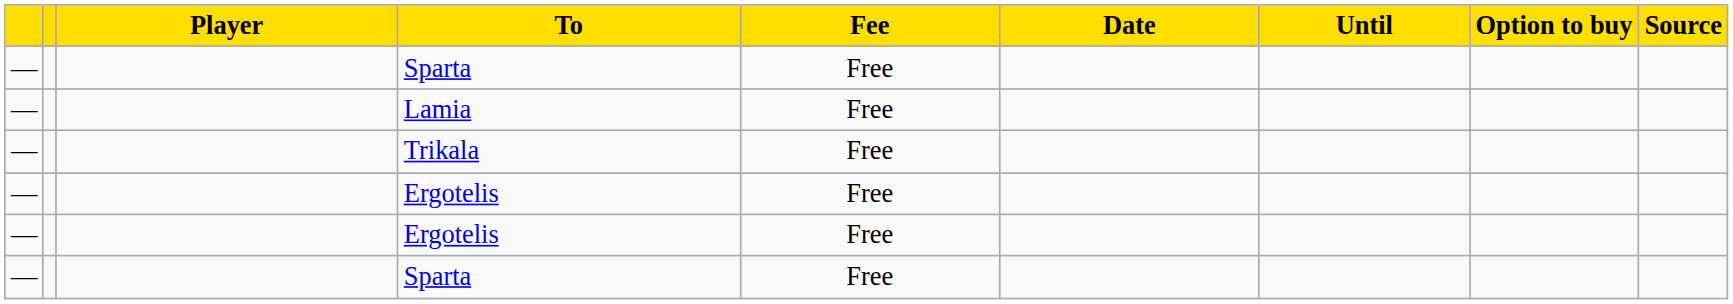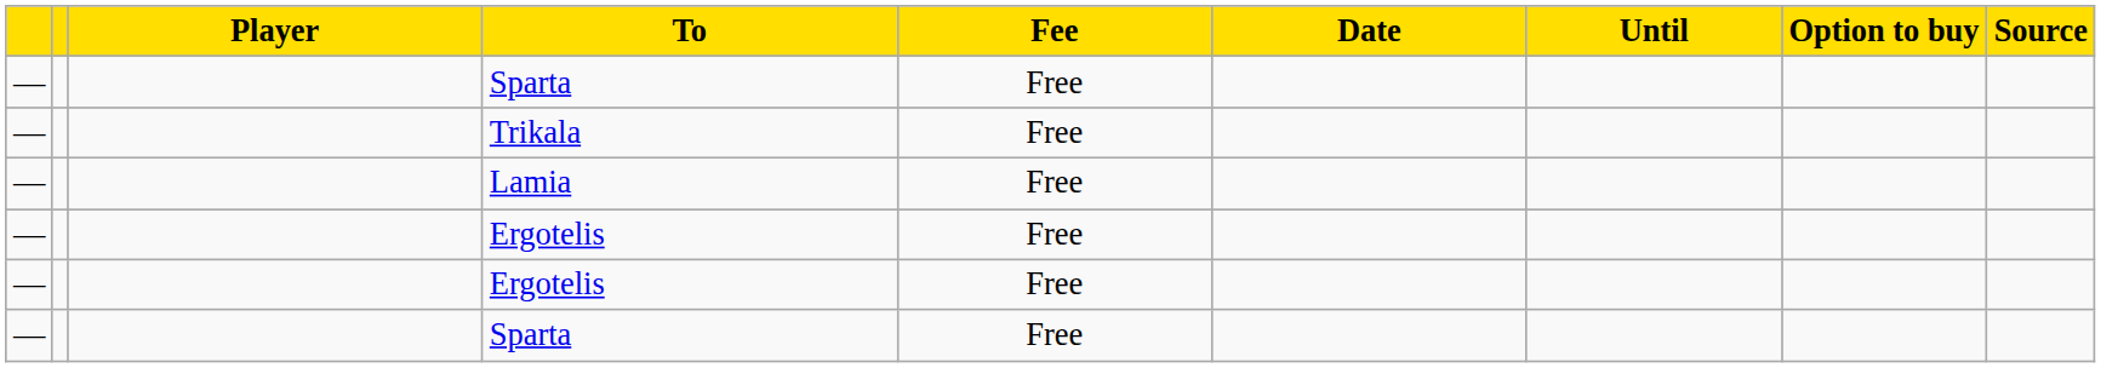 <table class="wikitable sortable">
 <tr>
 <th style="background:#FFDE00"></th>
 <th style="background:#FFDE00"></th>
 <th width=200 style="background:#FFDE00">Player</th>
 <th width=200 style="background:#FFDE00">To</th>
 <th width=150 style="background:#FFDE00">Fee</th>
 <th width=150 style="background:#FFDE00">Date</th>
 <th width=120 style="background:#FFDE00">Until</th>
 <th style="background:#FFDE00">Option to buy</th>
 <th style="background:#FFDE00">Source</th>
 </tr>
 <tr>
 <td align=center>—</td>
 <td align=center></td>
 <td></td>
 <td> <a href='#'>Sparta</a></td>
 <td align=center>Free</td>
 <td align=center></td>
 <td align=center></td>
 <td align=center></td>
 <td align=center></td>
 </tr>
 <tr>
 <td align=center>—</td>
 <td align=center></td>
 <td></td>
-<td> <a href='#'>Lamia</a></td>
+<td> <a href='#'>Trikala</a></td>
 <td align=center>Free</td>
 <td align=center></td>
 <td align=center></td>
 <td align=center></td>
 <td align=center></td>
 </tr>
 <tr>
 <td align=center>—</td>
 <td align=center></td>
 <td></td>
-<td> <a href='#'>Trikala</a></td>
+<td> <a href='#'>Lamia</a></td>
 <td align=center>Free</td>
 <td align=center></td>
 <td align=center></td>
 <td align=center></td>
 <td align=center></td>
 </tr>
 <tr>
 <td align=center>—</td>
 <td align=center></td>
 <td></td>
 <td> <a href='#'>Ergotelis</a></td>
 <td align=center>Free</td>
 <td align=center></td>
 <td align=center></td>
 <td align=center></td>
 <td align=center></td>
 </tr>
 <tr>
 <td align=center>—</td>
 <td align=center></td>
 <td></td>
 <td> <a href='#'>Ergotelis</a></td>
 <td align=center>Free</td>
 <td align=center></td>
 <td align=center></td>
 <td align=center></td>
 <td align=center></td>
 </tr>
 <tr>
 <td align=center>—</td>
 <td align=center></td>
 <td></td>
 <td> <a href='#'>Sparta</a></td>
 <td align=center>Free</td>
 <td align=center></td>
 <td align=center></td>
 <td align=center></td>
 <td align=center></td>
 </tr>
 </table>
